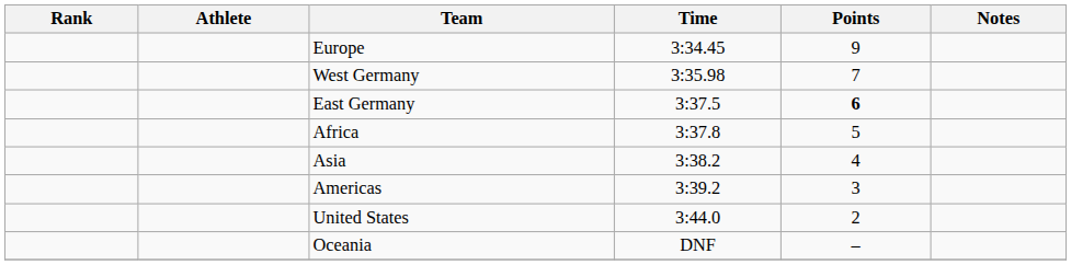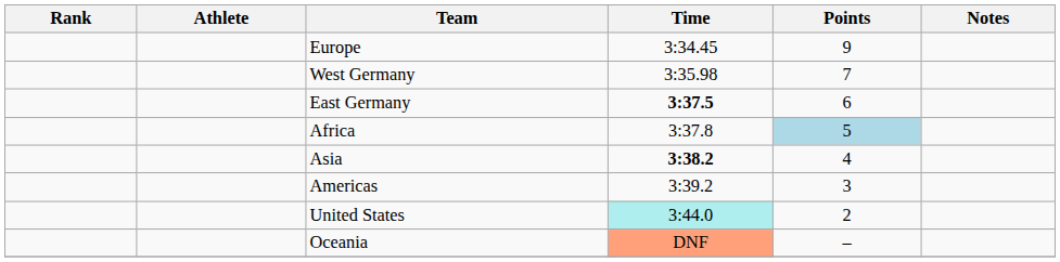 <table class="wikitable sortable" style="text-align:center" width="60%">
 <tr>
 <th>Rank</th>
 <th>Athlete</th>
 <th>Team</th>
 <th>Time</th>
 <th>Points</th>
 <th>Notes</th>
 </tr>
 <tr>
 <td></td>
 <td align="left"></td>
 <td align=left>Europe</td>
 <td>3:34.45</td>
 <td>9</td>
 <td></td>
 </tr>
 <tr>
 <td></td>
 <td align="left"></td>
 <td align=left>West Germany</td>
 <td>3:35.98</td>
 <td>7</td>
 <td></td>
 </tr>
 <tr>
 <td></td>
 <td align="left"></td>
 <td align=left>East Germany</td>
-<td>3:37.5</td>
-<td><strong>6</strong></td>
+<td><strong>3:37.5</strong></td>
+<td>6</td>
 <td></td>
 </tr>
 <tr>
 <td></td>
 <td align="left"></td>
 <td align=left>Africa</td>
 <td>3:37.8</td>
-<td>5</td>
+<td style="background: lightblue;">5</td>
 <td></td>
 </tr>
 <tr>
 <td></td>
 <td align="left"></td>
 <td align=left>Asia</td>
-<td>3:38.2</td>
+<td><strong>3:38.2</strong></td>
 <td>4</td>
 <td></td>
 </tr>
 <tr>
 <td></td>
 <td align="left"></td>
 <td align=left>Americas</td>
 <td>3:39.2</td>
 <td>3</td>
 <td></td>
 </tr>
 <tr>
 <td></td>
 <td align="left"></td>
 <td align=left>United States</td>
-<td>3:44.0</td>
+<td style="background: paleturquoise;">3:44.0</td>
 <td>2</td>
 <td></td>
 </tr>
 <tr>
 <td></td>
 <td align="left"></td>
 <td align=left>Oceania</td>
-<td>DNF</td>
+<td style="background: lightsalmon;">DNF</td>
 <td>–</td>
 <td></td>
 </tr>
 <tr>
 </tr>
 </table>
